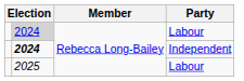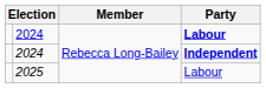 <table class="wikitable">
 <tr>
 <th colspan="2">Election</th>
 <th>Member</th>
 <th>Party</th>
 </tr>
 <tr>
 <td style="color:inherit;background-color: "></td>
-<td style="background: lightgrey;"><a href='#'>2024</a></td>
+<td><a href='#'>2024</a></td>
 <td rowspan="3"><a href='#'>Rebecca Long-Bailey</a></td>
-<td><a href='#'>Labour</a></td>
+<td><strong><a href='#'>Labour</a></strong></td>
 </tr>
 <tr>
 <td style="color:inherit;background-color: "></td>
-<td><strong><em>2024</em></strong></td>
-<td><a href='#'>Independent</a></td>
+<td><em>2024</em></td>
+<td><strong><a href='#'>Independent</a></strong></td>
 </tr>
 <tr>
 <td style="color:inherit;background-color: "></td>
 <td><em>2025</em></td>
 <td><a href='#'>Labour</a></td>
 </tr>
 </table>
